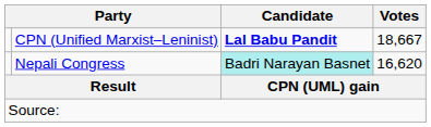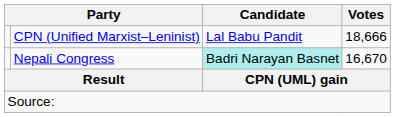 <table class="wikitable">
 <tr>
 <th colspan="2">Party</th>
 <th>Candidate</th>
 <th>Votes</th>
 </tr>
 <tr>
 <td style="background-color:"></td>
 <td><a href='#'>CPN (Unified Marxist–Leninist)</a></td>
-<td><strong><a href='#'>Lal Babu Pandit</a></strong></td>
-<td>18,667</td>
+<td><a href='#'>Lal Babu Pandit</a></td>
+<td>18,666</td>
 </tr>
 <tr>
 <td style="background-color:"></td>
 <td><a href='#'>Nepali Congress</a></td>
 <td style="background: paleturquoise;">Badri Narayan Basnet</td>
-<td>16,620</td>
+<td>16,670</td>
 </tr>
 <tr>
 <th colspan="2">Result</th>
 <th colspan="2">CPN (UML) gain</th>
 </tr>
 <tr>
 <td colspan="4">Source: </td>
 </tr>
 </table>
